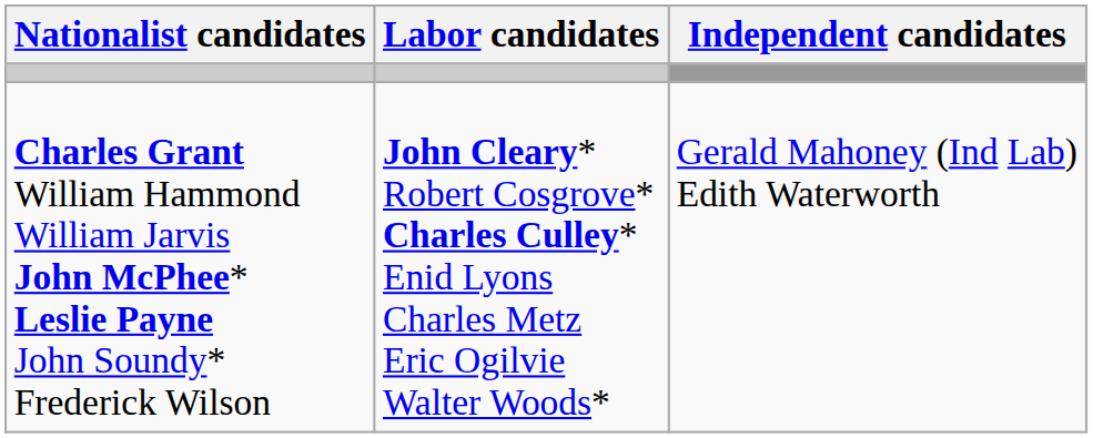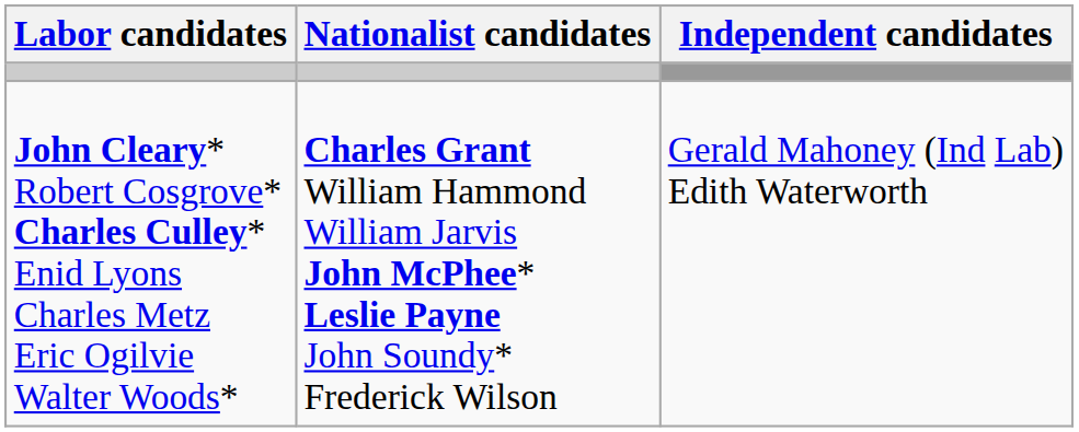 <table class="wikitable">
 <tr>
+<th><a href='#'>Labor</a> candidates</th>
 <th><a href='#'>Nationalist</a> candidates</th>
-<th><a href='#'>Labor</a> candidates</th>
 <th><a href='#'>Independent</a> candidates</th>
 </tr>
 <tr bgcolor="#cccccc">
 <td></td>
 <td></td>
 <td bgcolor="#999999"></td>
 </tr>
 <tr>
+<td><br><strong><a href='#'>John Cleary</a></strong>*<br> <a href='#'>Robert Cosgrove</a>*<br> <strong><a href='#'>Charles Culley</a></strong>*<br> <a href='#'>Enid Lyons</a><br> <a href='#'>Charles Metz</a><br> <a href='#'>Eric Ogilvie</a><br> <a href='#'>Walter Woods</a>*</td>
 <td><br><strong><a href='#'>Charles Grant</a></strong><br> William Hammond<br> <a href='#'>William Jarvis</a><br> <strong><a href='#'>John McPhee</a></strong>*<br> <strong><a href='#'>Leslie Payne</a></strong><br> <a href='#'>John Soundy</a>*<br> Frederick Wilson</td>
-<td><br><strong><a href='#'>John Cleary</a></strong>*<br> <a href='#'>Robert Cosgrove</a>*<br> <strong><a href='#'>Charles Culley</a></strong>*<br> <a href='#'>Enid Lyons</a><br> <a href='#'>Charles Metz</a><br> <a href='#'>Eric Ogilvie</a><br> <a href='#'>Walter Woods</a>*</td>
 <td valign=top><br><a href='#'>Gerald Mahoney</a> (<a href='#'>Ind</a> <a href='#'>Lab</a>)<br> Edith Waterworth</td>
 </tr>
 </table>
